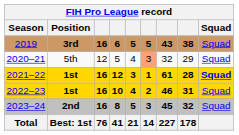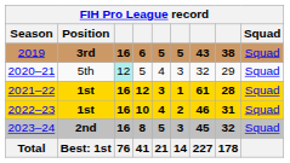 <table class="wikitable" style="text-align: center;">
 <tr>
 <th colspan=10><a href='#'>FIH Pro League</a> record</th>
 </tr>
 <tr>
 <th>Season</th>
 <th>Position</th>
 <th></th>
 <th></th>
 <th></th>
 <th></th>
 <th></th>
 <th></th>
 <th>Squad</th>
 </tr>
 <tr bgcolor=cc9966>
 <td> <a href='#'>2019</a></td>
 <td><strong>3rd</strong></td>
 <td><strong>16</strong></td>
 <td><strong>6</strong></td>
 <td><strong>5</strong></td>
 <td><strong>5</strong></td>
 <td><strong>43</strong></td>
 <td><strong>38</strong></td>
 <td><a href='#'>Squad</a></td>
 </tr>
 <tr>
 <td><a href='#'>2020–21</a></td>
 <td>5th</td>
-<td>12</td>
+<td style="background: paleturquoise;">12</td>
 <td>5</td>
 <td>4</td>
-<td style="background: lightsalmon;">3</td>
+<td>3</td>
 <td>32</td>
 <td>29</td>
 <td><a href='#'>Squad</a></td>
 </tr>
 <tr bgcolor=gold>
 <td><a href='#'>2021–22</a></td>
 <td><strong>1st</strong></td>
 <td><strong>16</strong></td>
 <td><strong>12</strong></td>
 <td><strong>3</strong></td>
 <td><strong>1</strong></td>
 <td><strong>61</strong></td>
 <td><strong>28</strong></td>
-<td><strong><a href='#'>Squad</a></strong></td>
+<td><a href='#'>Squad</a></td>
 </tr>
 <tr bgcolor=gold>
 <td><a href='#'>2022–23</a></td>
 <td><strong>1st</strong></td>
 <td><strong>16</strong></td>
 <td><strong>10</strong></td>
 <td><strong>4</strong></td>
 <td><strong>2</strong></td>
 <td><strong>46</strong></td>
 <td><strong>31</strong></td>
 <td><a href='#'>Squad</a></td>
 </tr>
 <tr bgcolor=silver>
 <td><a href='#'>2023–24</a></td>
 <td><strong>2nd</strong></td>
 <td><strong>16</strong></td>
 <td><strong>8</strong></td>
 <td><strong>5</strong></td>
 <td><strong>3</strong></td>
 <td><strong>45</strong></td>
 <td><strong>32</strong></td>
 <td><a href='#'>Squad</a></td>
 </tr>
 <tr>
 <th>Total</th>
 <th>Best: 1st</th>
 <th>76</th>
 <th>41</th>
 <th>21</th>
 <th>14</th>
 <th>227</th>
 <th>178</th>
 <th></th>
 </tr>
 </table>
